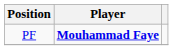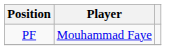 <table class="wikitable" style="text-align: center;">
 <tr>
 <th>Position</th>
 <th>Player</th>
 <th></th>
 </tr>
 <tr>
 <td><a href='#'>PF</a></td>
-<td align="left"><strong> <a href='#'>Mouhammad Faye</a></strong></td>
+<td align="left"> <a href='#'>Mouhammad Faye</a></td>
 <td></td>
 </tr>
 <tr>
 </tr>
 </table>
